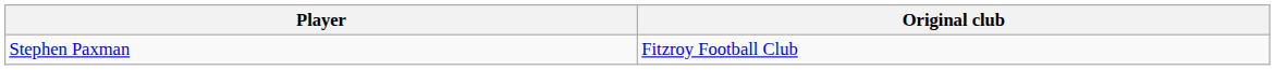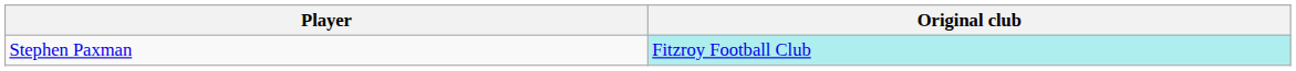 <table class="wikitable" style="font-size:90%; width:80%;">
 <tr>
 <th style="width:15%;">Player</th>
 <th style="width:15%;">Original club</th>
 </tr>
 <tr>
 <td><a href='#'>Stephen Paxman</a></td>
-<td><a href='#'>Fitzroy Football Club</a></td>
+<td style="background: paleturquoise;"><a href='#'>Fitzroy Football Club</a></td>
 </tr>
 </table>
